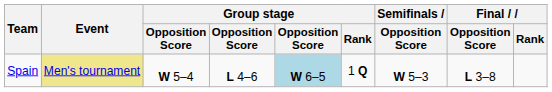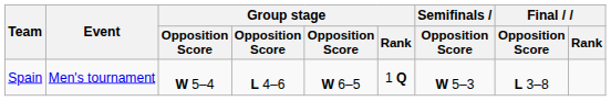 <table class="wikitable" style="text-align:center; font-size:90%">
 <tr>
 <th rowspan=2>Team</th>
 <th rowspan=2>Event</th>
 <th colspan=4>Group stage</th>
 <th>Semifinals / </th>
 <th colspan=2>Final /  / </th>
 </tr>
 <tr style="font-size:95%">
 <th>Opposition<br>Score</th>
 <th>Opposition<br>Score</th>
 <th>Opposition<br>Score</th>
 <th>Rank</th>
 <th>Opposition<br>Score</th>
 <th>Opposition<br>Score</th>
 <th>Rank</th>
 </tr>
 <tr>
 <td align=left><a href='#'>Spain</a></td>
-<td style="background: khaki;"><a href='#'>Men's tournament</a></td>
+<td><a href='#'>Men's tournament</a></td>
 <td><br><strong>W</strong> 5–4</td>
 <td><br><strong>L</strong> 4–6</td>
-<td style="background: lightblue;"><br><strong>W</strong> 6–5</td>
+<td><br><strong>W</strong> 6–5</td>
 <td>1 <strong>Q</strong></td>
 <td><br><strong>W</strong> 5–3</td>
 <td><br><strong>L</strong> 3–8</td>
 <td></td>
 </tr>
 </table>
